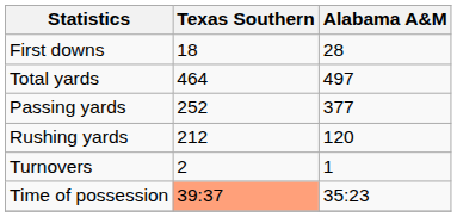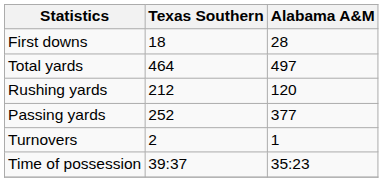 <table class="wikitable">
 <tr>
 <th>Statistics</th>
 <th>Texas Southern</th>
 <th>Alabama A&M</th>
 </tr>
 <tr>
 <td>First downs</td>
 <td>18</td>
 <td>28</td>
 </tr>
 <tr>
 <td>Total yards</td>
 <td>464</td>
 <td>497</td>
 </tr>
 <tr>
+<td>Rushing yards</td>
+<td>212</td>
+<td>120</td>
+</tr>
+<tr>
 <td>Passing yards</td>
 <td>252</td>
 <td>377</td>
-</tr>
-<tr>
-<td>Rushing yards</td>
-<td>212</td>
-<td>120</td>
 </tr>
 <tr>
 <td>Turnovers</td>
 <td>2</td>
 <td>1</td>
 </tr>
 <tr>
 <td>Time of possession</td>
-<td style="background: lightsalmon;">39:37</td>
+<td>39:37</td>
 <td>35:23</td>
 </tr>
 <tr>
 </tr>
 </table>
